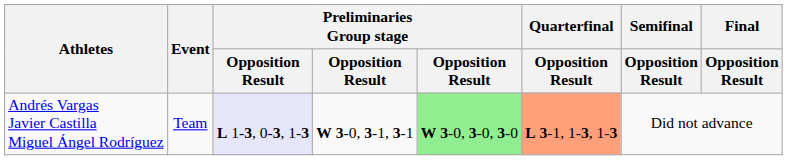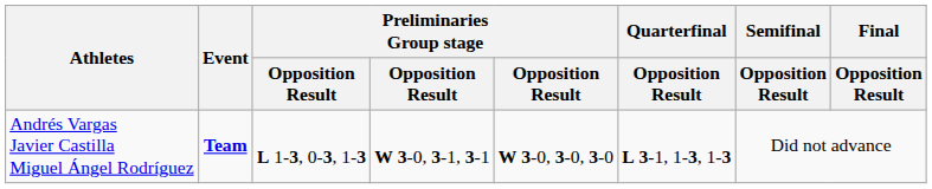 <table class="wikitable" border="1" style="font-size:90%">
 <tr>
 <th rowspan=2>Athletes</th>
 <th rowspan=2>Event</th>
 <th colspan=3>Preliminaries<br>Group stage</th>
 <th>Quarterfinal</th>
 <th>Semifinal</th>
 <th>Final</th>
 </tr>
 <tr>
 <th>Opposition<br>Result</th>
 <th>Opposition<br>Result</th>
 <th>Opposition<br>Result</th>
 <th>Opposition<br>Result</th>
 <th>Opposition<br>Result</th>
 <th>Opposition<br>Result</th>
 </tr>
 <tr>
 <td><a href='#'>Andrés Vargas</a><br><a href='#'>Javier Castilla</a><br><a href='#'>Miguel Ángel Rodríguez</a></td>
-<td align=center><a href='#'>Team</a></td>
-<td align=center style="background: lavender;"><br><strong>L</strong> 1-<strong>3</strong>, 0-<strong>3</strong>, 1-<strong>3</strong></td>
+<td align=center><strong><a href='#'>Team</a></strong></td>
+<td align=center><br><strong>L</strong> 1-<strong>3</strong>, 0-<strong>3</strong>, 1-<strong>3</strong></td>
 <td align=center><br><strong>W</strong> <strong>3</strong>-0, <strong>3</strong>-1, <strong>3</strong>-1</td>
-<td align=center style="background: lightgreen;"><br><strong>W</strong> <strong>3</strong>-0, <strong>3</strong>-0, <strong>3</strong>-0</td>
-<td align=center style="background: lightsalmon;"><br><strong>L</strong> <strong>3</strong>-1, 1-<strong>3</strong>, 1-<strong>3</strong><br></td>
+<td align=center><br><strong>W</strong> <strong>3</strong>-0, <strong>3</strong>-0, <strong>3</strong>-0</td>
+<td align=center><br><strong>L</strong> <strong>3</strong>-1, 1-<strong>3</strong>, 1-<strong>3</strong><br></td>
 <td align="center" colspan="9">Did not advance</td>
 </tr>
 </table>
